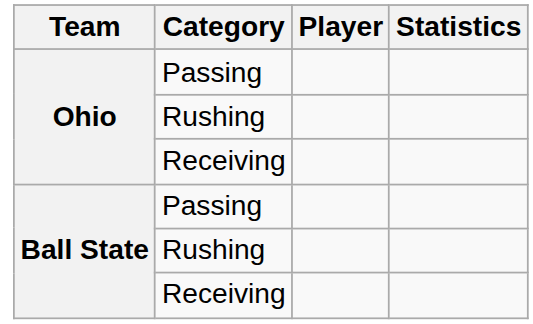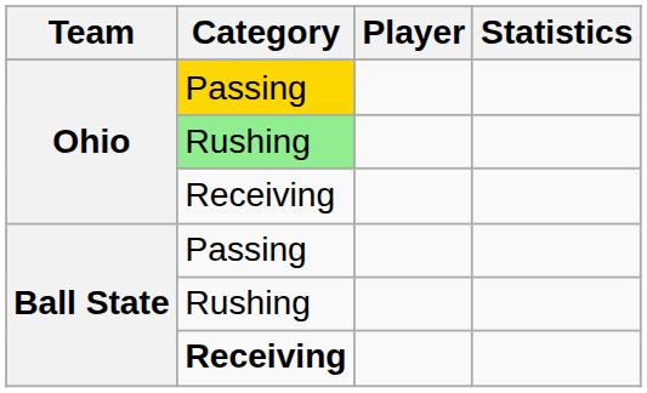 <table class="wikitable" style="float:right">
 <tr>
 <th>Team</th>
 <th>Category</th>
 <th>Player</th>
 <th>Statistics</th>
 </tr>
 <tr>
 <th rowspan=3>Ohio</th>
-<td>Passing</td>
+<td style="background: gold;">Passing</td>
 <td></td>
 <td></td>
 </tr>
 <tr>
-<td>Rushing</td>
+<td style="background: lightgreen;">Rushing</td>
 <td></td>
 <td></td>
 </tr>
 <tr>
 <td>Receiving</td>
 <td></td>
 <td></td>
 </tr>
 <tr>
 <th rowspan=3>Ball State</th>
 <td>Passing</td>
 <td></td>
 <td></td>
 </tr>
 <tr>
 <td>Rushing</td>
 <td></td>
 <td></td>
 </tr>
 <tr>
-<td>Receiving</td>
+<td><strong>Receiving</strong></td>
 <td></td>
 <td></td>
 </tr>
 </table>
